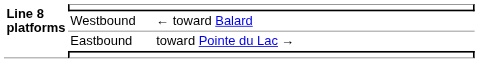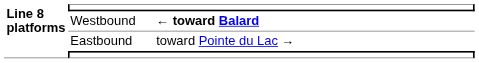 <table border=0 cellspacing=0 cellpadding=3>
 <tr>
 <td style="border-bottom:solid 1px gray;" width=50 rowspan=10 valign=top><strong>Line 8 platforms</strong></td>
 <td style="border-top:solid 1px gray;border-right:solid 2px black;border-left:solid 2px black;border-bottom:solid 2px black;text-align:center;" colspan=2></td>
 </tr>
 <tr>
 <td style="border-bottom:solid 1px gray;" width=100>Westbound</td>
-<td style="border-bottom:solid 1px gray;" width=390>←   toward <a href='#'>Balard</a> </td>
+<td style="border-bottom:solid 1px gray;" width=390><strong>←   toward <a href='#'>Balard</a> </strong></td>
 </tr>
 <tr>
 <td>Eastbound</td>
 <td>   toward <a href='#'>Pointe du Lac</a>  →</td>
 </tr>
 <tr>
 <td style="border-top:solid 2px black;border-right:solid 2px black;border-left:solid 2px black;border-bottom:solid 1px gray;text-align:center;" colspan=2></td>
 </tr>
 </table>
